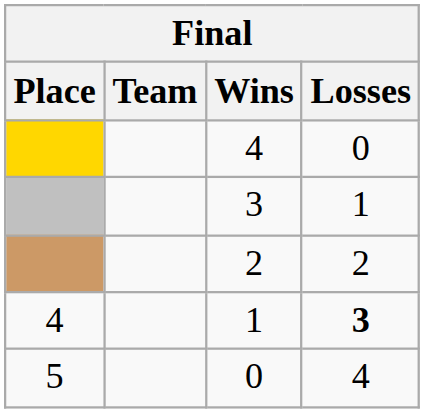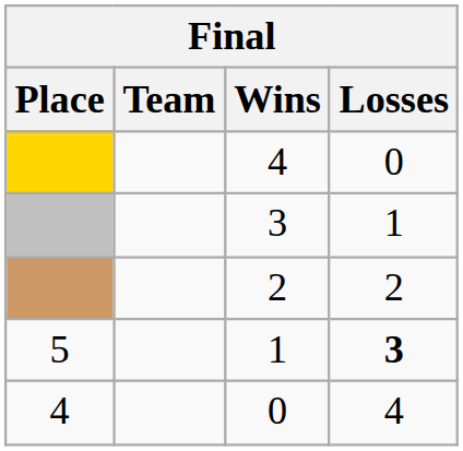 <table class=wikitable style="text-align:center">
 <tr>
 <th colspan=4>Final</th>
 </tr>
 <tr>
 <th>Place</th>
 <th>Team</th>
 <th>Wins</th>
 <th>Losses</th>
 </tr>
 <tr>
 <td bgcolor=gold></td>
 <td align=left></td>
 <td>4</td>
 <td>0</td>
 </tr>
 <tr>
 <td bgcolor=silver></td>
 <td align=left></td>
 <td>3</td>
 <td>1</td>
 </tr>
 <tr>
 <td bgcolor=cc9966></td>
 <td align=left></td>
 <td>2</td>
 <td>2</td>
 </tr>
 <tr>
-<td>4</td>
+<td>5</td>
 <td align=left></td>
 <td>1</td>
 <td><strong>3</strong></td>
 </tr>
 <tr>
-<td>5</td>
+<td>4</td>
 <td align=left></td>
 <td>0</td>
 <td>4</td>
 </tr>
 </table>
